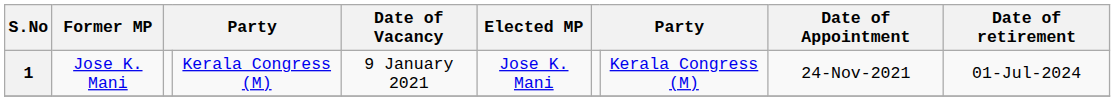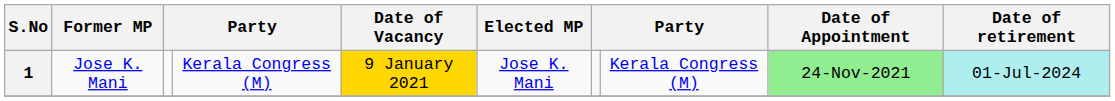 <table class="wikitable sortable">
 <tr>
 <th>S.No</th>
 <th>Former MP</th>
 <th colspan="2">Party</th>
 <th>Date of Vacancy</th>
 <th>Elected MP</th>
 <th colspan="2">Party</th>
 <th><strong>Date of Appointment</strong></th>
 <th>Date of retirement</th>
 </tr>
 <tr style="text-align:center;">
 <th>1</th>
 <td><a href='#'>Jose K. Mani</a></td>
 <td width="1px"></td>
 <td><a href='#'>Kerala Congress (M)</a></td>
-<td>9 January 2021</td>
+<td style="background: gold;">9 January 2021</td>
 <td><a href='#'>Jose K. Mani</a></td>
 <td width="1px"></td>
 <td><a href='#'>Kerala Congress (M)</a></td>
-<td>24-Nov-2021</td>
-<td>01-Jul-2024</td>
+<td style="background: lightgreen;">24-Nov-2021</td>
+<td style="background: paleturquoise;">01-Jul-2024</td>
 </tr>
 <tr style="text-align:center;">
 </tr>
 </table>
